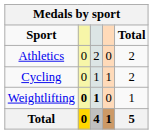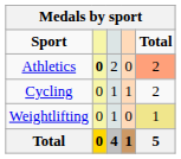 <table class="wikitable" style="font-size:85%; float:right">
 <tr bgcolor=#efefef>
 <th colspan=7>Medals by sport</th>
 </tr>
 <tr align=center>
 <td><strong>Sport</strong></td>
 <td bgcolor=#f7f6a8></td>
 <td bgcolor=#dce5e5></td>
 <td bgcolor=#ffdab9></td>
 <td><strong>Total</strong></td>
 </tr>
 <tr align=center>
 <td><a href='#'>Athletics</a></td>
-<td bgcolor=#f7f6a8>0</td>
+<td bgcolor=#f7f6a8><strong>0</strong></td>
 <td bgcolor=#dce5e5>2</td>
 <td bgcolor=#ffdab9>0</td>
-<td>2</td>
+<td style="background: lightsalmon;">2</td>
 </tr>
 <tr align=center>
 <td><a href='#'>Cycling</a></td>
 <td bgcolor=#f7f6a8>0</td>
 <td bgcolor=#dce5e5>1</td>
 <td bgcolor=#ffdab9>1</td>
 <td>2</td>
 </tr>
 <tr align=center>
 <td><a href='#'>Weightlifting</a></td>
-<td bgcolor=#f7f6a8><strong>0</strong></td>
-<td bgcolor=#dce5e5><strong>1</strong></td>
+<td bgcolor=#f7f6a8>0</td>
+<td bgcolor=#dce5e5>1</td>
 <td bgcolor=#ffdab9>0</td>
-<td>1</td>
+<td style="background: khaki;">1</td>
 </tr>
 <tr align=center>
 <th>Total</th>
 <th style="background:gold;">0</th>
 <th style="background:silver;">4</th>
 <th style="background:#c96;">1</th>
 <th>5</th>
 </tr>
 </table>
